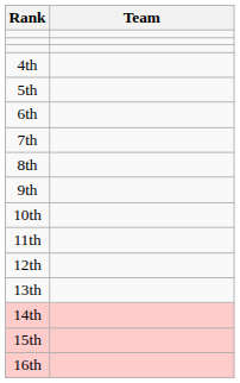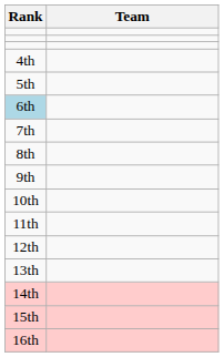 <table class=wikitable style="text-align:center;">
 <tr>
 <th>Rank</th>
 <th style="width:180px;">Team</th>
 </tr>
 <tr>
 <td></td>
 <td align=left></td>
 </tr>
 <tr>
 <td></td>
 <td align=left></td>
 </tr>
 <tr>
 <td></td>
 <td align=left></td>
 </tr>
 <tr>
 <td>4th</td>
 <td align=left></td>
 </tr>
 <tr>
 <td>5th</td>
 <td align=left></td>
 </tr>
 <tr>
-<td>6th</td>
+<td style="background: lightblue;">6th</td>
 <td align=left></td>
 </tr>
 <tr>
 <td>7th</td>
 <td align=left></td>
 </tr>
 <tr>
 <td>8th</td>
 <td align=left></td>
 </tr>
 <tr>
 <td>9th</td>
 <td align=left></td>
 </tr>
 <tr>
 <td>10th</td>
 <td align=left></td>
 </tr>
 <tr>
 <td>11th</td>
 <td align=left></td>
 </tr>
 <tr>
 <td>12th</td>
 <td align=left></td>
 </tr>
 <tr>
 <td>13th</td>
 <td align=left></td>
 </tr>
 <tr style="background:#fcc;">
 <td>14th</td>
 <td align=left></td>
 </tr>
 <tr style="background:#fcc;">
 <td>15th</td>
 <td align=left></td>
 </tr>
 <tr style="background:#fcc;">
 <td>16th</td>
 <td align=left></td>
 </tr>
 </table>
